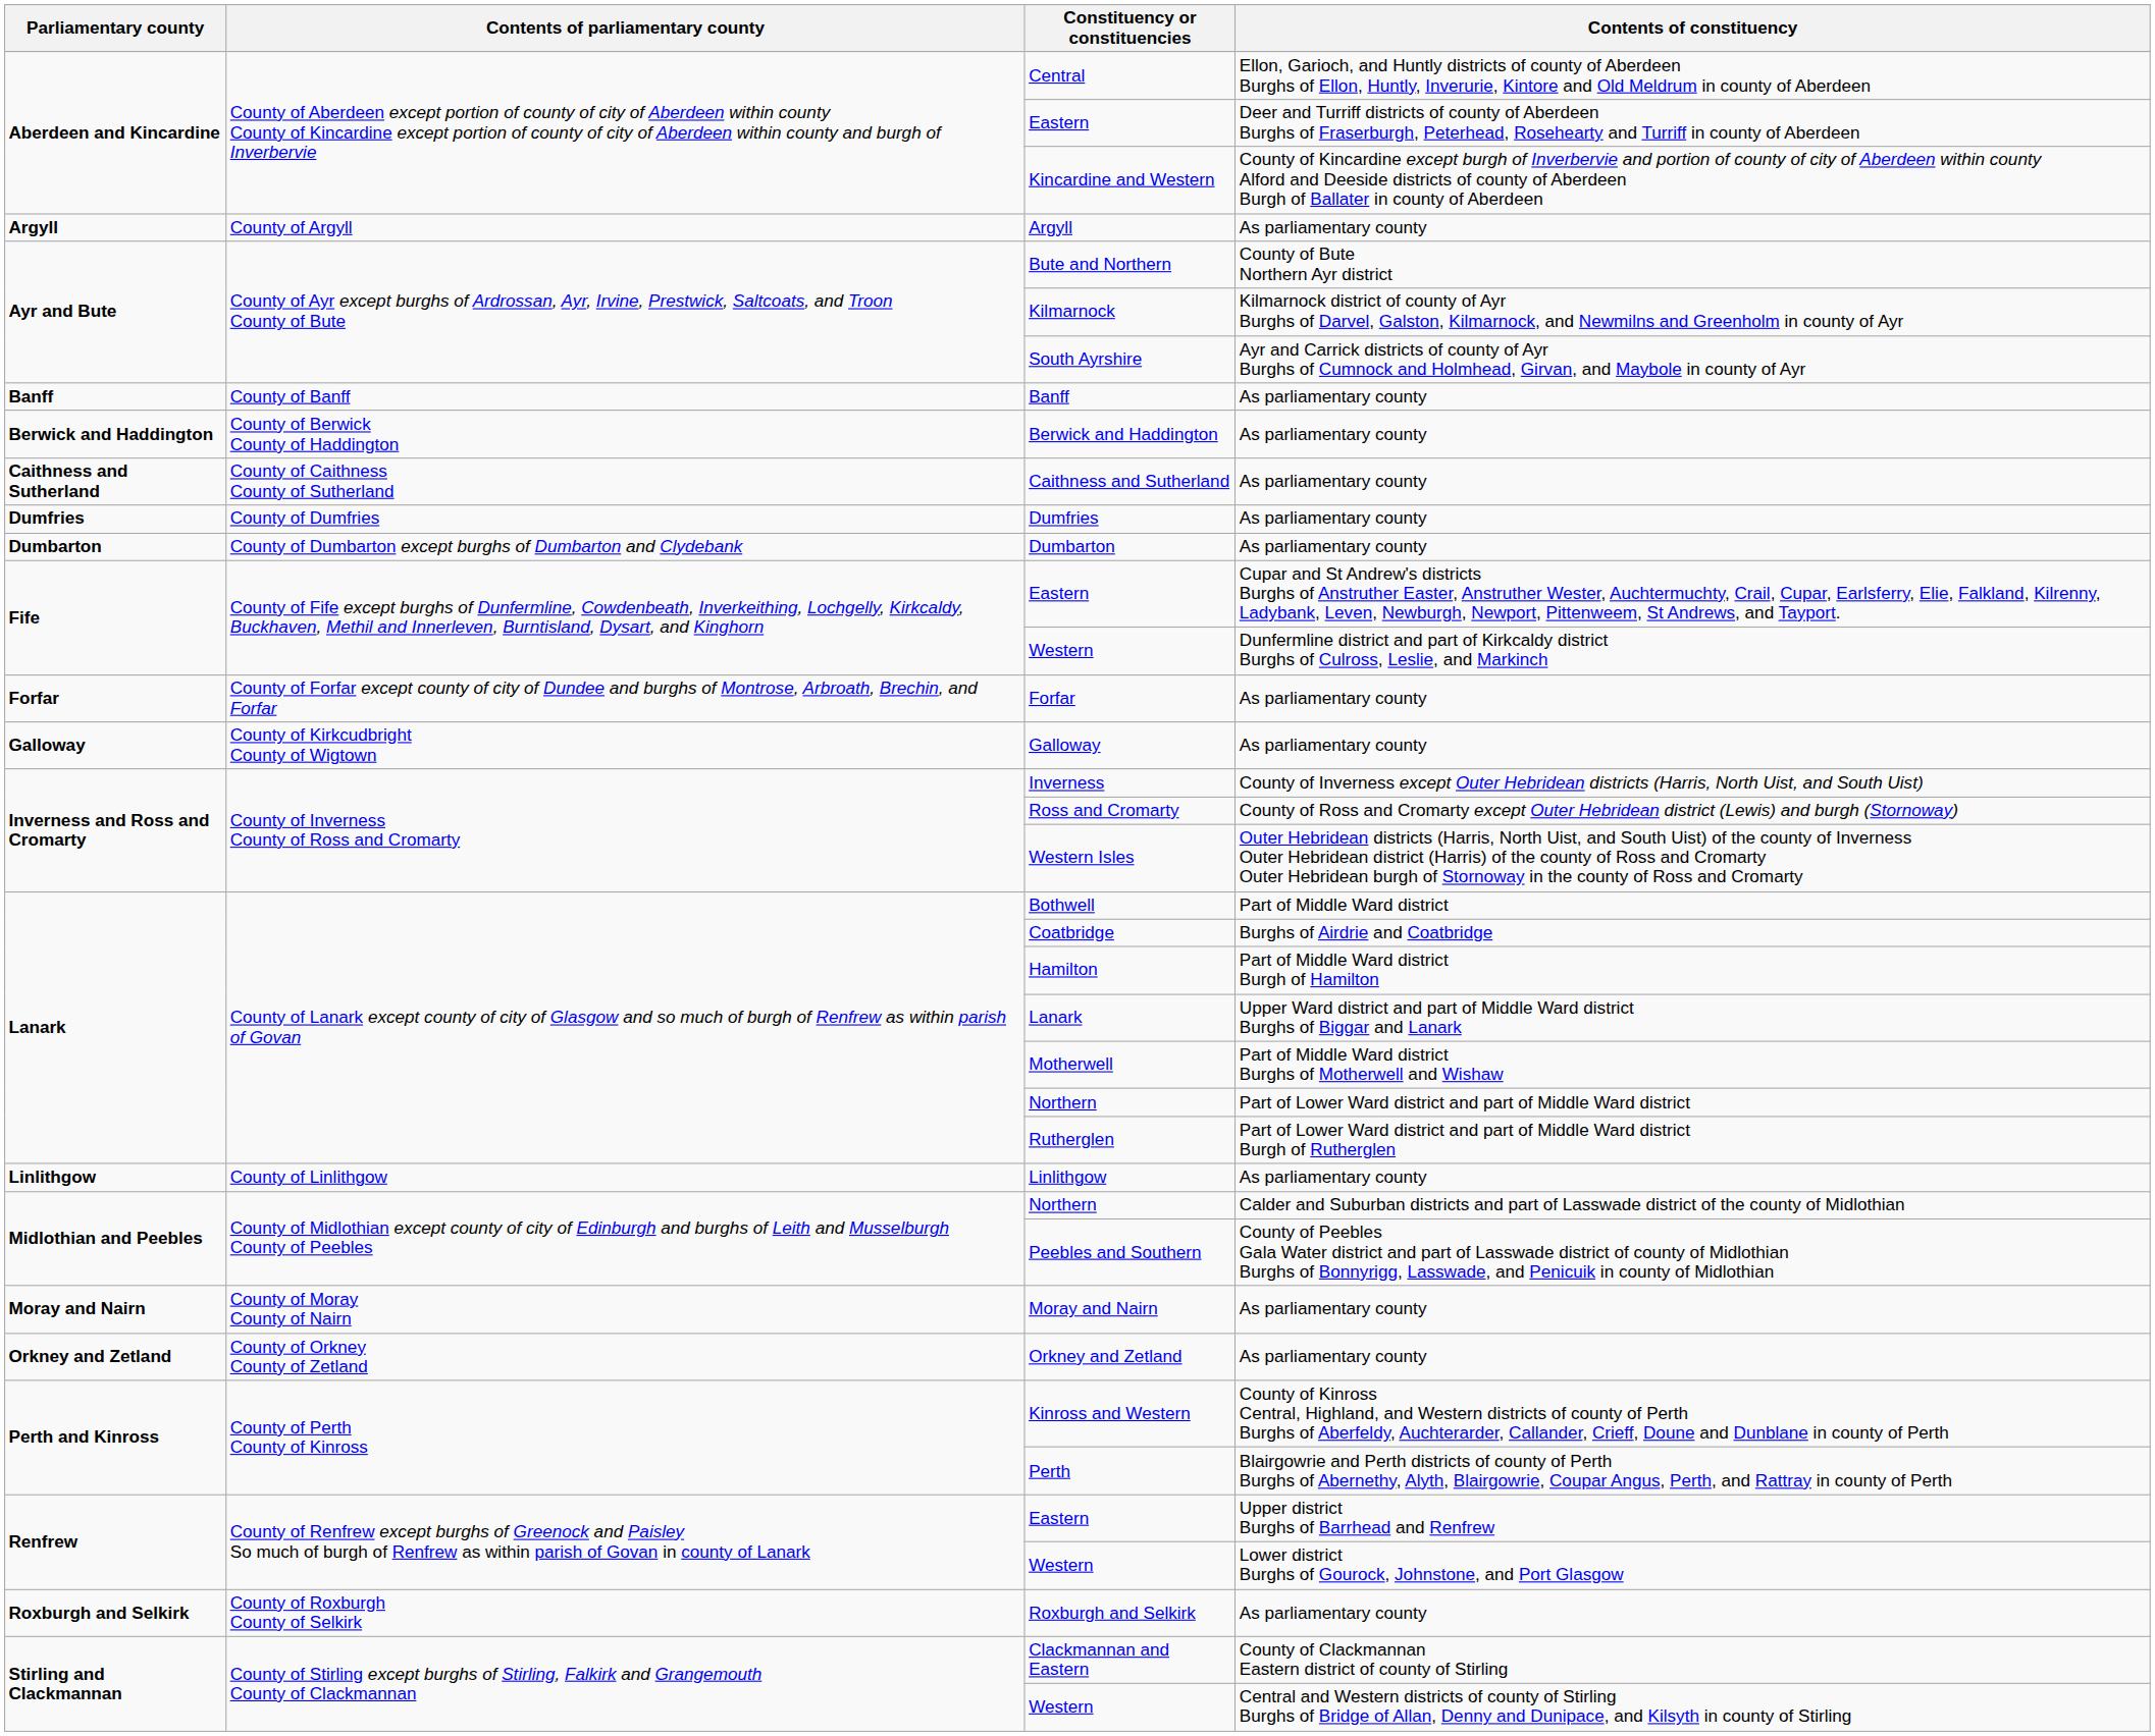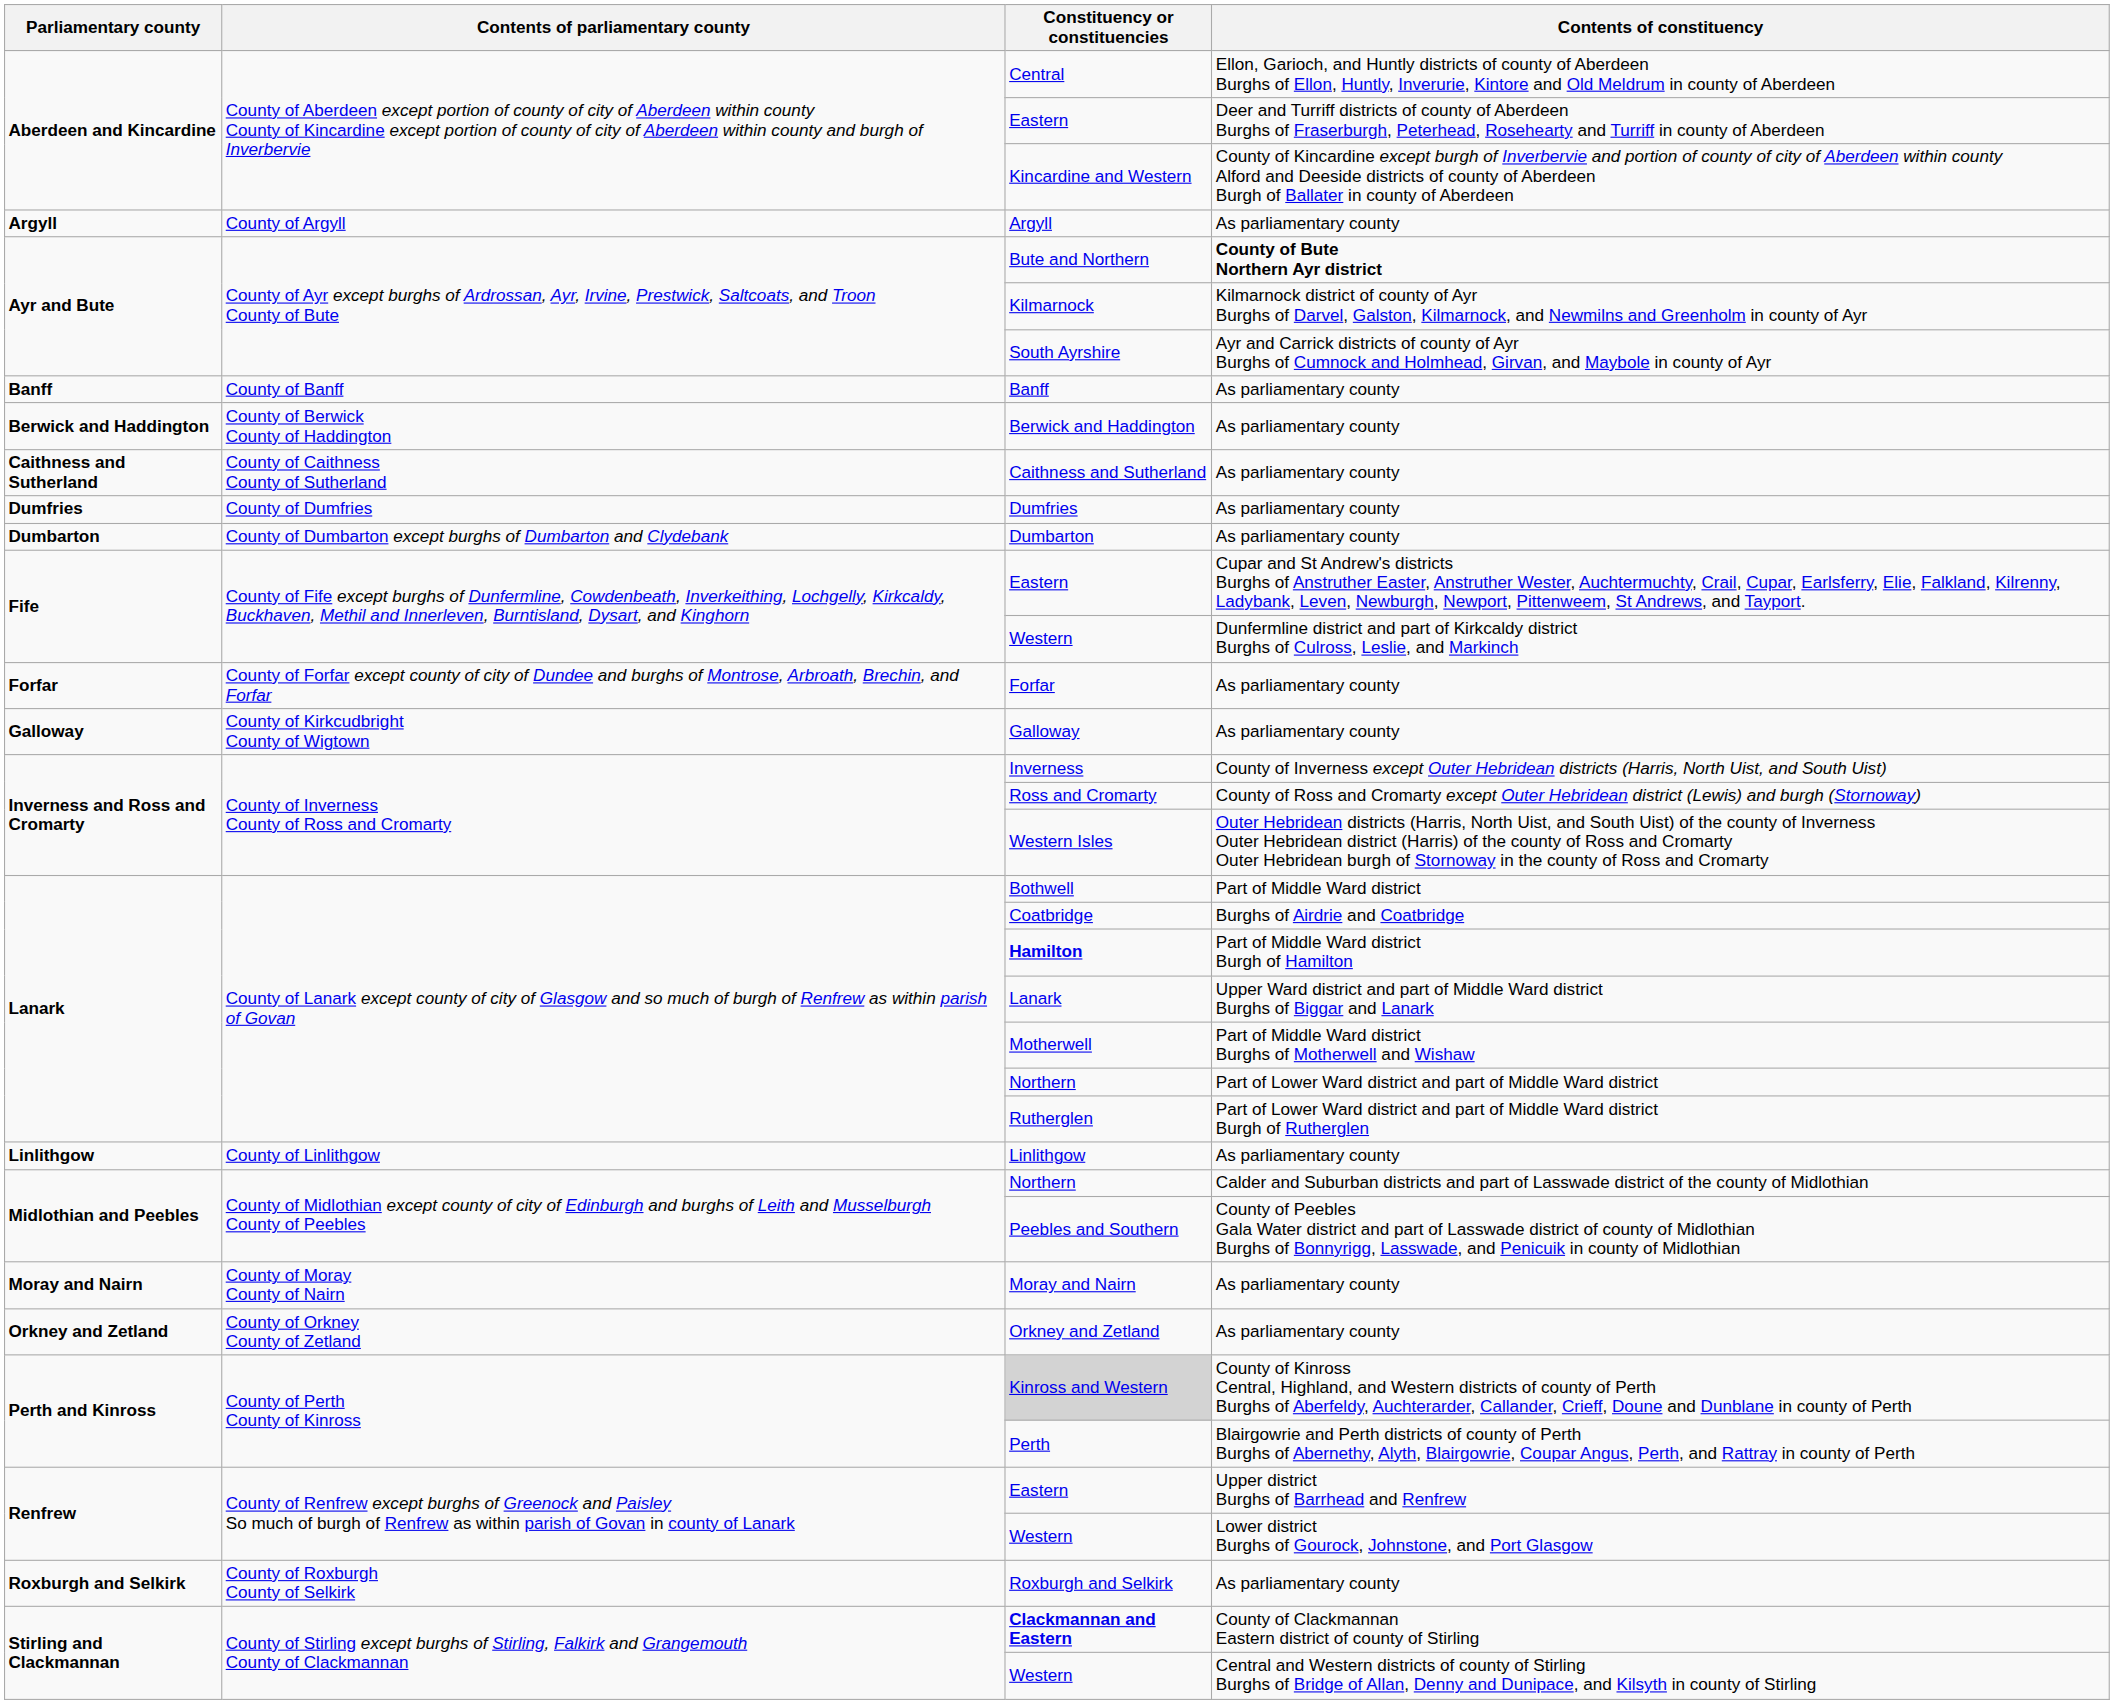 <table class="wikitable">
 <tr>
 <th>Parliamentary county</th>
 <th>Contents of parliamentary county</th>
 <th>Constituency or constituencies</th>
 <th>Contents of constituency</th>
 </tr>
 <tr>
 <td rowspan=3><strong>Aberdeen and Kincardine</strong></td>
 <td rowspan=3><a href='#'>County of Aberdeen</a> <em>except portion of county of city of <a href='#'>Aberdeen</a> within county</em><br> <a href='#'>County of Kincardine</a> <em>except portion of county of city of <a href='#'>Aberdeen</a> within county and burgh of <a href='#'>Inverbervie</a></em></td>
 <td><a href='#'>Central</a></td>
 <td>Ellon, Garioch, and Huntly districts of county of Aberdeen<br> Burghs of <a href='#'>Ellon</a>, <a href='#'>Huntly</a>, <a href='#'>Inverurie</a>, <a href='#'>Kintore</a> and <a href='#'>Old Meldrum</a> in county of Aberdeen</td>
 </tr>
 <tr>
 <td><a href='#'>Eastern</a></td>
 <td>Deer and Turriff districts of county of Aberdeen<br> Burghs of <a href='#'>Fraserburgh</a>, <a href='#'>Peterhead</a>, <a href='#'>Rosehearty</a> and <a href='#'>Turriff</a> in county of Aberdeen</td>
 </tr>
 <tr>
 <td><a href='#'>Kincardine and Western</a></td>
 <td>County of Kincardine <em>except burgh of <a href='#'>Inverbervie</a> and portion of county of city of <a href='#'>Aberdeen</a> within county</em><br> Alford and Deeside districts of county of Aberdeen<br> Burgh of <a href='#'>Ballater</a> in county of Aberdeen</td>
 </tr>
 <tr>
 <td><strong>Argyll</strong></td>
 <td><a href='#'>County of Argyll</a></td>
 <td><a href='#'>Argyll</a></td>
 <td>As parliamentary county</td>
 </tr>
 <tr>
 <td rowspan=3><strong>Ayr and Bute</strong></td>
 <td rowspan=3><a href='#'>County of Ayr</a> <em>except burghs of <a href='#'>Ardrossan</a>, <a href='#'>Ayr</a>, <a href='#'>Irvine</a>, <a href='#'>Prestwick</a>, <a href='#'>Saltcoats</a>, and <a href='#'>Troon</a></em><br> <a href='#'>County of Bute</a></td>
 <td><a href='#'>Bute and Northern</a></td>
-<td>County of Bute<br> Northern Ayr district</td>
+<td><strong>County of Bute<br> Northern Ayr district</strong></td>
 </tr>
 <tr>
 <td><a href='#'>Kilmarnock</a></td>
 <td>Kilmarnock district of county of Ayr<br> Burghs of <a href='#'>Darvel</a>, <a href='#'>Galston</a>, <a href='#'>Kilmarnock</a>, and <a href='#'>Newmilns and Greenholm</a> in county of Ayr</td>
 </tr>
 <tr>
 <td><a href='#'>South Ayrshire</a></td>
 <td>Ayr and Carrick districts of county of Ayr<br> Burghs of <a href='#'>Cumnock and Holmhead</a>, <a href='#'>Girvan</a>, and <a href='#'>Maybole</a> in county of Ayr</td>
 </tr>
 <tr>
 <td><strong>Banff</strong></td>
 <td><a href='#'>County of Banff</a></td>
 <td><a href='#'>Banff</a></td>
 <td>As parliamentary county</td>
 </tr>
 <tr>
 <td><strong>Berwick and Haddington</strong></td>
 <td><a href='#'>County of Berwick</a><br> <a href='#'>County of Haddington</a></td>
 <td><a href='#'>Berwick and Haddington</a></td>
 <td>As parliamentary county</td>
 </tr>
 <tr>
 <td><strong>Caithness and Sutherland</strong></td>
 <td><a href='#'>County of Caithness</a><br> <a href='#'>County of Sutherland</a></td>
 <td><a href='#'>Caithness and Sutherland</a></td>
 <td>As parliamentary county</td>
 </tr>
 <tr>
 <td><strong>Dumfries</strong></td>
 <td><a href='#'>County of Dumfries</a></td>
 <td><a href='#'>Dumfries</a></td>
 <td>As parliamentary county</td>
 </tr>
 <tr>
 <td><strong>Dumbarton</strong></td>
 <td><a href='#'>County of Dumbarton</a> <em>except burghs of <a href='#'>Dumbarton</a> and <a href='#'>Clydebank</a></em></td>
 <td><a href='#'>Dumbarton</a></td>
 <td>As parliamentary county</td>
 </tr>
 <tr>
 <td rowspan=2><strong>Fife</strong></td>
 <td rowspan=2><a href='#'>County of Fife</a> <em>except burghs of <a href='#'>Dunfermline</a>, <a href='#'>Cowdenbeath</a>, <a href='#'>Inverkeithing</a>, <a href='#'>Lochgelly</a>, <a href='#'>Kirkcaldy</a>, <a href='#'>Buckhaven</a>, <a href='#'>Methil and Innerleven</a>, <a href='#'>Burntisland</a>, <a href='#'>Dysart</a>, and <a href='#'>Kinghorn</a></em></td>
 <td><a href='#'>Eastern</a></td>
 <td>Cupar and St Andrew's districts<br> Burghs of <a href='#'>Anstruther Easter</a>, <a href='#'>Anstruther Wester</a>, <a href='#'>Auchtermuchty</a>, <a href='#'>Crail</a>, <a href='#'>Cupar</a>, <a href='#'>Earlsferry</a>, <a href='#'>Elie</a>, <a href='#'>Falkland</a>, <a href='#'>Kilrenny</a>, <a href='#'>Ladybank</a>, <a href='#'>Leven</a>, <a href='#'>Newburgh</a>, <a href='#'>Newport</a>, <a href='#'>Pittenweem</a>, <a href='#'>St Andrews</a>, and <a href='#'>Tayport</a>.</td>
 </tr>
 <tr>
 <td><a href='#'>Western</a></td>
 <td>Dunfermline district and part of Kirkcaldy district<br> Burghs of <a href='#'>Culross</a>, <a href='#'>Leslie</a>, and <a href='#'>Markinch</a></td>
 </tr>
 <tr>
 <td><strong>Forfar</strong></td>
 <td><a href='#'>County of Forfar</a> <em>except county of city of <a href='#'>Dundee</a> and burghs of <a href='#'>Montrose</a>, <a href='#'>Arbroath</a>, <a href='#'>Brechin</a>, and <a href='#'>Forfar</a></em></td>
 <td><a href='#'>Forfar</a></td>
 <td>As parliamentary county</td>
 </tr>
 <tr>
 <td><strong>Galloway</strong></td>
 <td><a href='#'>County of Kirkcudbright</a><br> <a href='#'>County of Wigtown</a></td>
 <td><a href='#'>Galloway</a></td>
 <td>As parliamentary county</td>
 </tr>
 <tr>
 <td rowspan=3><strong>Inverness and Ross and Cromarty</strong></td>
 <td rowspan=3><a href='#'>County of Inverness</a><br> <a href='#'>County of Ross and Cromarty</a></td>
 <td><a href='#'>Inverness</a></td>
 <td>County of Inverness <em>except <a href='#'>Outer Hebridean</a> districts (Harris, North Uist, and South Uist)</em></td>
 </tr>
 <tr>
 <td><a href='#'>Ross and Cromarty</a></td>
 <td>County of Ross and Cromarty <em>except <a href='#'>Outer Hebridean</a> district (Lewis) and burgh (<a href='#'>Stornoway</a>)</em></td>
 </tr>
 <tr>
 <td><a href='#'>Western Isles</a></td>
 <td><a href='#'>Outer Hebridean</a> districts (Harris, North Uist, and South Uist) of the county of Inverness<br> Outer Hebridean district (Harris) of the county of Ross and Cromarty<br> Outer Hebridean burgh of <a href='#'>Stornoway</a> in the county of Ross and Cromarty</td>
 </tr>
 <tr>
 <td rowspan=7><strong>Lanark</strong></td>
 <td rowspan=7><a href='#'>County of Lanark</a> <em>except county of city of <a href='#'>Glasgow</a> and so much of burgh of <a href='#'>Renfrew</a> as within <a href='#'>parish of Govan</a></em></td>
 <td><a href='#'>Bothwell</a></td>
 <td>Part of Middle Ward district</td>
 </tr>
 <tr>
 <td><a href='#'>Coatbridge</a></td>
 <td>Burghs of <a href='#'>Airdrie</a> and <a href='#'>Coatbridge</a></td>
 </tr>
 <tr>
-<td><a href='#'>Hamilton</a></td>
+<td><strong><a href='#'>Hamilton</a></strong></td>
 <td>Part of Middle Ward district<br> Burgh of <a href='#'>Hamilton</a></td>
 </tr>
 <tr>
 <td><a href='#'>Lanark</a></td>
 <td>Upper Ward district and part of Middle Ward district<br> Burghs of <a href='#'>Biggar</a> and <a href='#'>Lanark</a></td>
 </tr>
 <tr>
 <td><a href='#'>Motherwell</a></td>
 <td>Part of Middle Ward district<br> Burghs of <a href='#'>Motherwell</a> and <a href='#'>Wishaw</a></td>
 </tr>
 <tr>
 <td><a href='#'>Northern</a></td>
 <td>Part of Lower Ward district and part of Middle Ward district</td>
 </tr>
 <tr>
 <td><a href='#'>Rutherglen</a></td>
 <td>Part of Lower Ward district and part of Middle Ward district<br> Burgh of <a href='#'>Rutherglen</a></td>
 </tr>
 <tr>
 <td><strong>Linlithgow</strong></td>
 <td><a href='#'>County of Linlithgow</a></td>
 <td><a href='#'>Linlithgow</a></td>
 <td>As parliamentary county</td>
 </tr>
 <tr>
 <td rowspan=2><strong>Midlothian and Peebles</strong></td>
 <td rowspan=2><a href='#'>County of Midlothian</a> <em>except county of city of <a href='#'>Edinburgh</a> and burghs of <a href='#'>Leith</a> and <a href='#'>Musselburgh</a></em><br> <a href='#'>County of Peebles</a></td>
 <td><a href='#'>Northern</a></td>
 <td>Calder and Suburban districts and part of Lasswade district of the county of Midlothian<br></td>
 </tr>
 <tr>
 <td><a href='#'>Peebles and Southern</a></td>
 <td>County of Peebles<br> Gala Water district and part of Lasswade district of county of Midlothian<br> Burghs of <a href='#'>Bonnyrigg</a>, <a href='#'>Lasswade</a>, and <a href='#'>Penicuik</a> in county of Midlothian</td>
 </tr>
 <tr>
 <td><strong>Moray and Nairn</strong></td>
 <td><a href='#'>County of Moray</a><br> <a href='#'>County of Nairn</a></td>
 <td><a href='#'>Moray and Nairn</a></td>
 <td>As parliamentary county</td>
 </tr>
 <tr>
 <td><strong>Orkney and Zetland</strong></td>
 <td><a href='#'>County of Orkney</a><br> <a href='#'>County of Zetland</a></td>
 <td><a href='#'>Orkney and Zetland</a></td>
 <td>As parliamentary county</td>
 </tr>
 <tr>
 <td rowspan=2><strong>Perth and Kinross</strong></td>
 <td rowspan=2><a href='#'>County of Perth</a><br> <a href='#'>County of Kinross</a></td>
-<td><a href='#'>Kinross and Western</a></td>
+<td style="background: lightgrey;"><a href='#'>Kinross and Western</a></td>
 <td>County of Kinross<br> Central, Highland, and Western districts of county of Perth <br> Burghs of <a href='#'>Aberfeldy</a>, <a href='#'>Auchterarder</a>, <a href='#'>Callander</a>, <a href='#'>Crieff</a>, <a href='#'>Doune</a> and <a href='#'>Dunblane</a> in county of Perth</td>
 </tr>
 <tr>
 <td><a href='#'>Perth</a></td>
 <td>Blairgowrie and Perth districts of county of Perth<br> Burghs of <a href='#'>Abernethy</a>, <a href='#'>Alyth</a>, <a href='#'>Blairgowrie</a>, <a href='#'>Coupar Angus</a>, <a href='#'>Perth</a>, and <a href='#'>Rattray</a> in county of Perth</td>
 </tr>
 <tr>
 <td rowspan=2><strong>Renfrew</strong></td>
 <td rowspan=2><a href='#'>County of Renfrew</a> <em>except burghs of <a href='#'>Greenock</a> and <a href='#'>Paisley</a></em><br> So much of burgh of <a href='#'>Renfrew</a> as within <a href='#'>parish of Govan</a> in <a href='#'>county of Lanark</a></td>
 <td><a href='#'>Eastern</a></td>
 <td>Upper district<br> Burghs of <a href='#'>Barrhead</a> and <a href='#'>Renfrew</a></td>
 </tr>
 <tr>
 <td><a href='#'>Western</a></td>
 <td>Lower district<br> Burghs of <a href='#'>Gourock</a>, <a href='#'>Johnstone</a>, and <a href='#'>Port Glasgow</a></td>
 </tr>
 <tr>
 <td><strong>Roxburgh and Selkirk</strong></td>
 <td><a href='#'>County of Roxburgh</a><br> <a href='#'>County of Selkirk</a></td>
 <td><a href='#'>Roxburgh and Selkirk</a></td>
 <td>As parliamentary county</td>
 </tr>
 <tr>
 <td rowspan=2><strong>Stirling and Clackmannan</strong></td>
 <td rowspan=2><a href='#'>County of Stirling</a> <em>except burghs of <a href='#'>Stirling</a>, <a href='#'>Falkirk</a> and <a href='#'>Grangemouth</a></em><br> <a href='#'>County of Clackmannan</a></td>
-<td><a href='#'>Clackmannan and Eastern</a></td>
+<td><strong><a href='#'>Clackmannan and Eastern</a></strong></td>
 <td>County of Clackmannan<br> Eastern district of county of Stirling</td>
 </tr>
 <tr>
 <td><a href='#'>Western</a></td>
 <td>Central and Western districts of county of Stirling<br> Burghs of <a href='#'>Bridge of Allan</a>, <a href='#'>Denny and Dunipace</a>, and <a href='#'>Kilsyth</a> in county of Stirling</td>
 </tr>
 </table>
